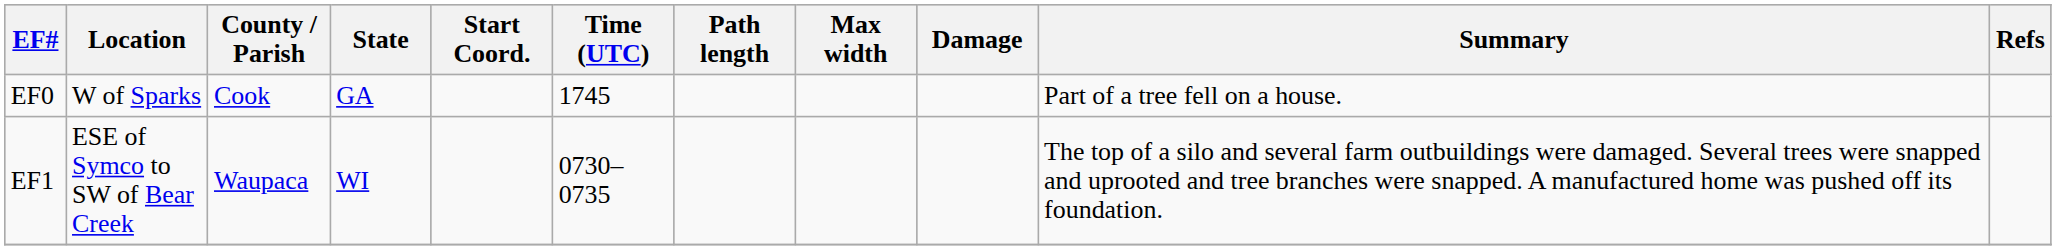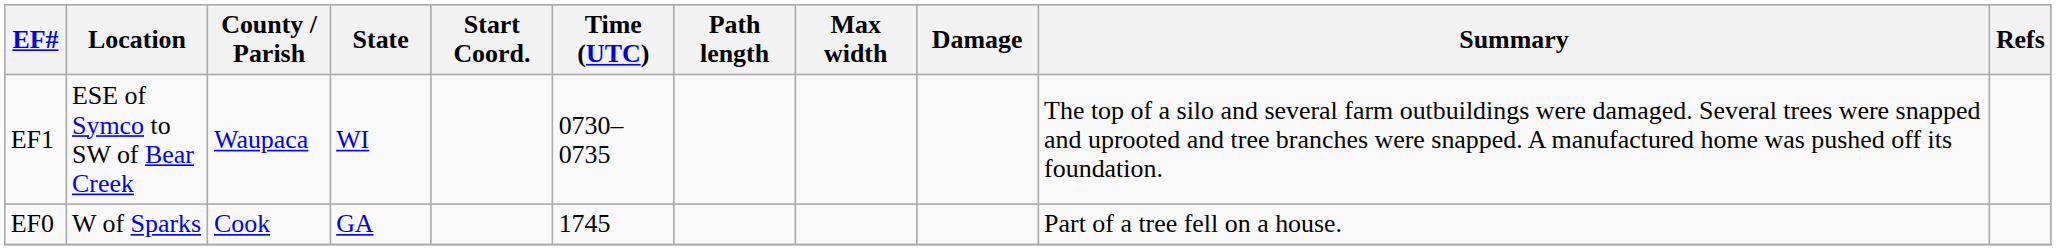 <table class="wikitable sortable" style="width:100%;">
 <tr>
 <th scope="col" width="3%" align="center"><a href='#'>EF#</a></th>
 <th scope="col" width="7%" align="center" class="unsortable">Location</th>
 <th scope="col" width="6%" align="center" class="unsortable">County / Parish</th>
 <th scope="col" width="5%" align="center">State</th>
 <th scope="col" width="6%" align="center">Start Coord.</th>
 <th scope="col" width="6%" align="center">Time (<a href='#'>UTC</a>)</th>
 <th scope="col" width="6%" align="center">Path length</th>
 <th scope="col" width="6%" align="center">Max width</th>
 <th scope="col" width="6%" align="center">Damage</th>
 <th scope="col" width="48%" class="unsortable" align="center">Summary</th>
 <th scope="col" width="48%" class="unsortable" align="center">Refs</th>
 </tr>
 <tr>
+<td>EF1</td>
+<td>ESE of <a href='#'>Symco</a> to SW of <a href='#'>Bear Creek</a></td>
+<td><a href='#'>Waupaca</a></td>
+<td><a href='#'>WI</a></td>
+<td></td>
+<td>0730–0735</td>
+<td></td>
+<td></td>
+<td></td>
+<td>The top of a silo and several farm outbuildings were damaged. Several trees were snapped and uprooted and tree branches were snapped. A manufactured home was pushed off its foundation.</td>
+<td></td>
+</tr>
+<tr>
 <td>EF0</td>
 <td>W of <a href='#'>Sparks</a></td>
 <td><a href='#'>Cook</a></td>
 <td><a href='#'>GA</a></td>
 <td></td>
 <td>1745</td>
 <td></td>
 <td></td>
 <td></td>
 <td>Part of a tree fell on a house.</td>
 <td></td>
 </tr>
 <tr>
-<td>EF1</td>
-<td>ESE of <a href='#'>Symco</a> to SW of <a href='#'>Bear Creek</a></td>
-<td><a href='#'>Waupaca</a></td>
-<td><a href='#'>WI</a></td>
-<td></td>
-<td>0730–0735</td>
-<td></td>
-<td></td>
-<td></td>
-<td>The top of a silo and several farm outbuildings were damaged. Several trees were snapped and uprooted and tree branches were snapped. A manufactured home was pushed off its foundation.</td>
-<td></td>
-</tr>
-<tr>
 </tr>
 </table>
